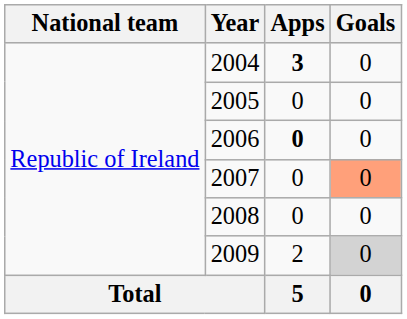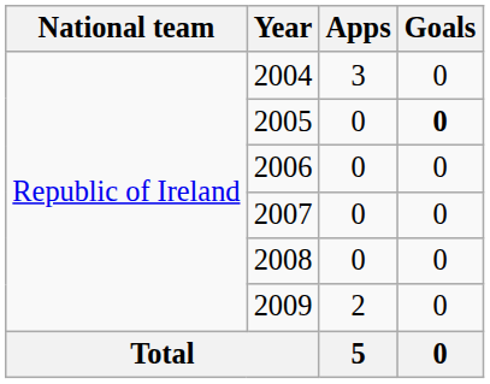 <table class="wikitable" style="text-align:center">
 <tr>
 <th>National team</th>
 <th>Year</th>
 <th>Apps</th>
 <th>Goals</th>
 </tr>
 <tr>
 <td rowspan="6"><a href='#'>Republic of Ireland</a></td>
 <td>2004</td>
-<td><strong>3</strong></td>
+<td>3</td>
 <td>0</td>
 </tr>
 <tr>
 <td>2005</td>
 <td>0</td>
-<td>0</td>
+<td><strong>0</strong></td>
 </tr>
 <tr>
 <td>2006</td>
-<td><strong>0</strong></td>
+<td>0</td>
 <td>0</td>
 </tr>
 <tr>
 <td>2007</td>
 <td>0</td>
-<td style="background: lightsalmon;">0</td>
+<td>0</td>
 </tr>
 <tr>
 <td>2008</td>
 <td>0</td>
 <td>0</td>
 </tr>
 <tr>
 <td>2009</td>
 <td>2</td>
-<td style="background: lightgrey;">0</td>
+<td>0</td>
 </tr>
 <tr>
 <th colspan="2">Total</th>
 <th>5</th>
 <th>0</th>
 </tr>
 </table>
